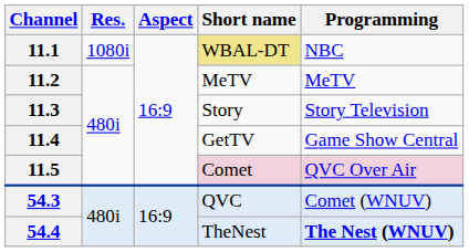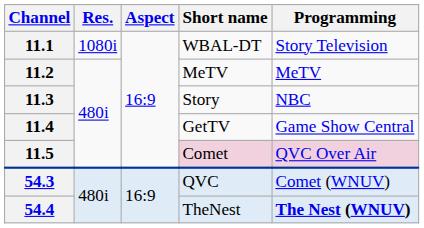 <table class="wikitable">
 <tr>
 <th scope = "col"><a href='#'>Channel</a></th>
 <th scope = "col"><a href='#'>Res.</a></th>
 <th scope = "col"><a href='#'>Aspect</a></th>
 <th scope = "col">Short name</th>
 <th scope = "col">Programming</th>
 </tr>
 <tr>
 <th scope = "row">11.1</th>
 <td><a href='#'>1080i</a></td>
 <td rowspan="5"><a href='#'>16:9</a></td>
-<td style="background: khaki;">WBAL-DT</td>
-<td><a href='#'>NBC</a></td>
+<td>WBAL-DT</td>
+<td><a href='#'>Story Television</a></td>
 </tr>
 <tr>
 <th scope = "row">11.2</th>
 <td rowspan="4"><a href='#'>480i</a></td>
 <td>MeTV</td>
 <td><a href='#'>MeTV</a></td>
 </tr>
 <tr>
 <th scope = "row">11.3</th>
 <td>Story</td>
-<td><a href='#'>Story Television</a></td>
+<td><a href='#'>NBC</a></td>
 </tr>
 <tr>
 <th scope = "row">11.4</th>
 <td>GetTV</td>
 <td><a href='#'>Game Show Central</a></td>
 </tr>
 <tr style="background-color: #f2d1de;">
 <th scope = "row">11.5</th>
 <td>Comet</td>
 <td><a href='#'>QVC Over Air</a> </td>
 </tr>
 <tr style="background-color:#DFEBF6; border-top: 2px solid #003399;">
 <th scope = "row"><a href='#'>54.3</a></th>
 <td rowspan=2>480i</td>
 <td rowspan=2>16:9</td>
 <td>QVC</td>
 <td><a href='#'>Comet</a> (<a href='#'>WNUV</a>)</td>
 </tr>
 <tr style="background-color:#DFEBF6;">
 <th scope = "row"><a href='#'>54.4</a></th>
 <td>TheNest</td>
 <td><strong><a href='#'>The Nest</a> (<a href='#'>WNUV</a>)</strong></td>
 </tr>
 </table>
